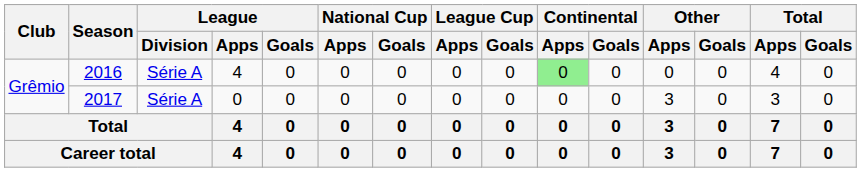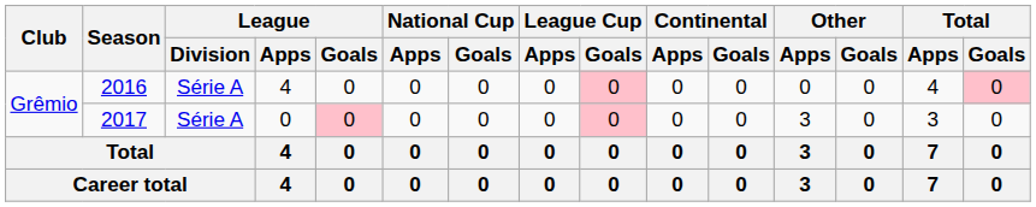 <table class="wikitable" style="text-align: center;">
 <tr>
 <th rowspan="2">Club</th>
 <th rowspan="2">Season</th>
 <th colspan="3">League</th>
 <th colspan="2">National Cup</th>
 <th colspan="2">League Cup</th>
 <th colspan="2">Continental</th>
 <th colspan="2">Other</th>
 <th colspan="2">Total</th>
 </tr>
 <tr>
 <th>Division</th>
 <th>Apps</th>
 <th>Goals</th>
 <th>Apps</th>
 <th>Goals</th>
 <th>Apps</th>
 <th>Goals</th>
 <th>Apps</th>
 <th>Goals</th>
 <th>Apps</th>
 <th>Goals</th>
 <th>Apps</th>
 <th>Goals</th>
 </tr>
 <tr>
 <td rowspan="2" valign="center"><a href='#'>Grêmio</a></td>
 <td><a href='#'>2016</a></td>
 <td><a href='#'>Série A</a></td>
 <td>4</td>
 <td>0</td>
 <td>0</td>
 <td>0</td>
 <td>0</td>
+<td style="background: pink;">0</td>
 <td>0</td>
-<td style="background: lightgreen;">0</td>
 <td>0</td>
 <td>0</td>
 <td>0</td>
 <td>4</td>
-<td>0</td>
+<td style="background: pink;">0</td>
 </tr>
 <tr>
 <td><a href='#'>2017</a></td>
 <td><a href='#'>Série A</a></td>
 <td>0</td>
+<td style="background: pink;">0</td>
 <td>0</td>
 <td>0</td>
 <td>0</td>
-<td>0</td>
-<td>0</td>
+<td style="background: pink;">0</td>
 <td>0</td>
 <td>0</td>
 <td>3</td>
 <td>0</td>
 <td>3</td>
 <td>0</td>
 </tr>
 <tr>
 <th colspan="3">Total</th>
 <th>4</th>
 <th>0</th>
 <th>0</th>
 <th>0</th>
 <th>0</th>
 <th>0</th>
 <th>0</th>
 <th>0</th>
 <th>3</th>
 <th>0</th>
 <th>7</th>
 <th>0</th>
 </tr>
 <tr>
 <th colspan="3">Career total</th>
 <th>4</th>
 <th>0</th>
 <th>0</th>
 <th>0</th>
 <th>0</th>
 <th>0</th>
 <th>0</th>
 <th>0</th>
 <th>3</th>
 <th>0</th>
 <th>7</th>
 <th>0</th>
 </tr>
 </table>
